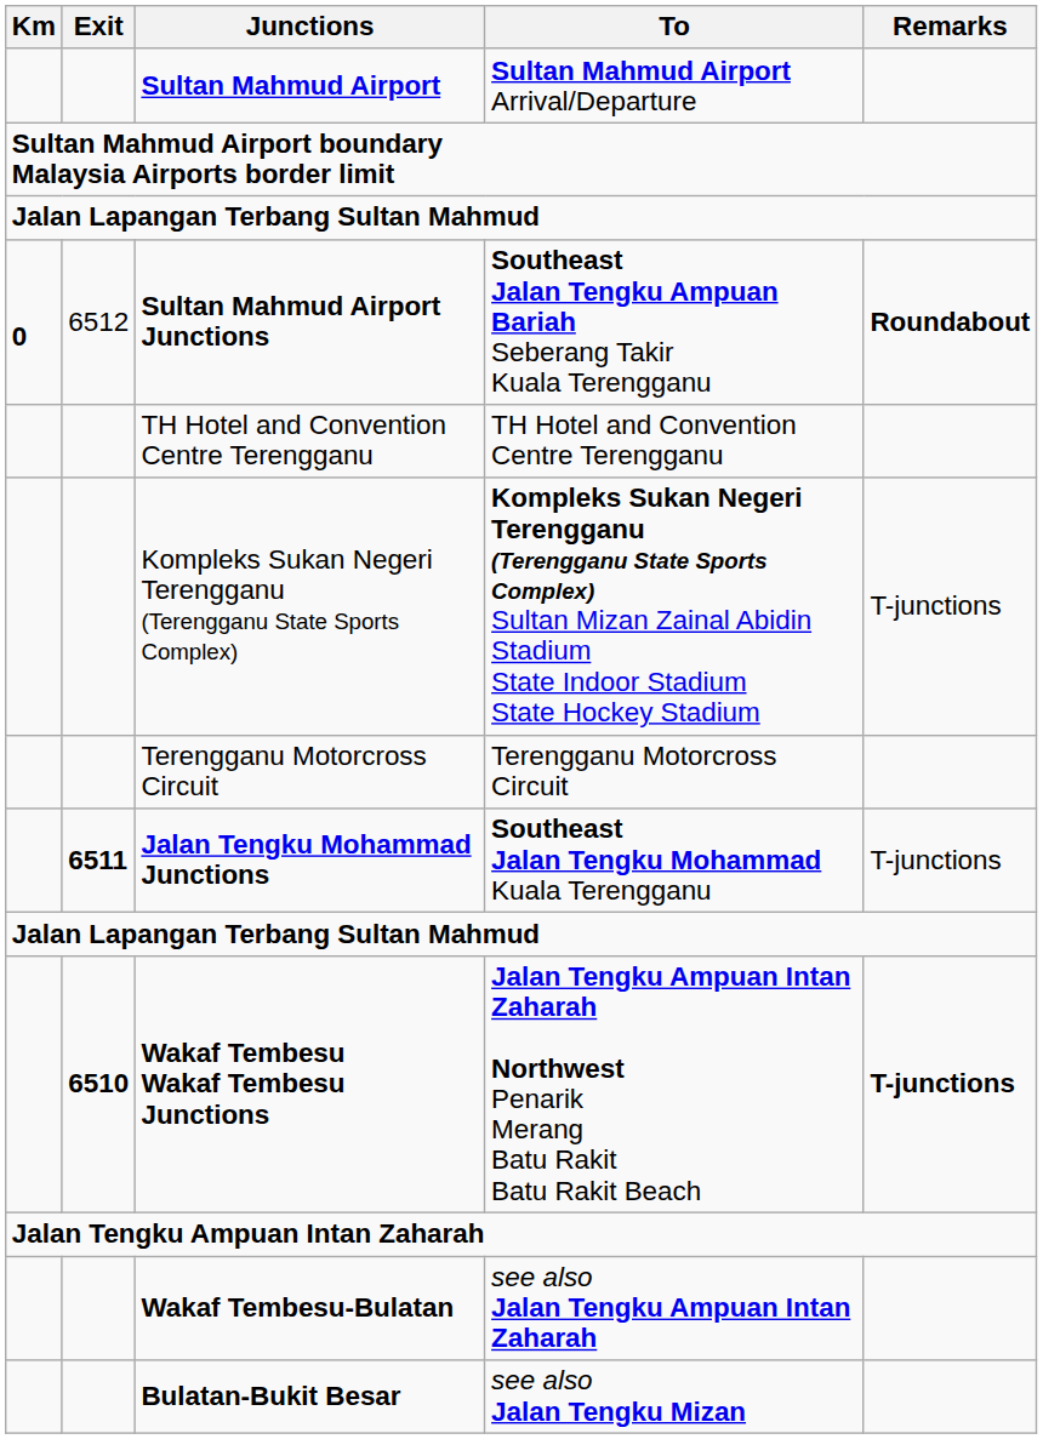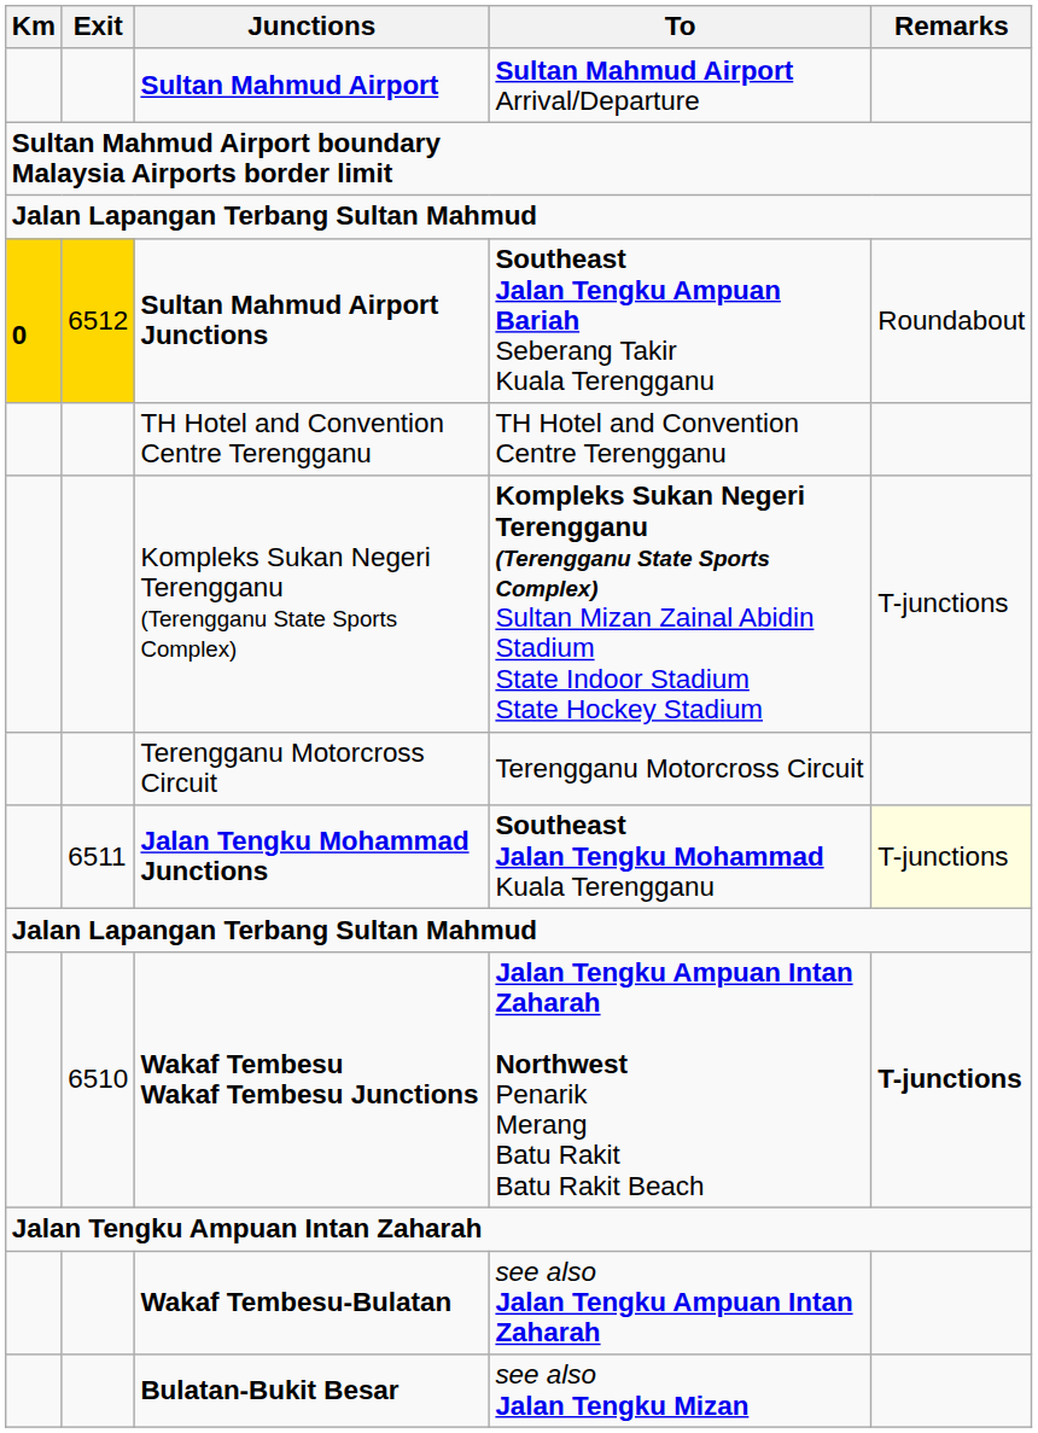 <table class="wikitable">
 <tr>
 <th>Km</th>
 <th>Exit</th>
 <th>Junctions</th>
 <th>To</th>
 <th>Remarks</th>
 </tr>
 <tr>
 <td></td>
 <td></td>
 <td><strong><a href='#'>Sultan Mahmud Airport</a></strong> </td>
 <td><strong><a href='#'>Sultan Mahmud Airport</a></strong> <br>Arrival/Departure<br></td>
 <td></td>
 </tr>
 <tr>
 <td style="width:600px" colspan="6" style="text-align:center; background:yellow;"><strong><span>Sultan Mahmud Airport boundary<br>Malaysia Airports border limit</span></strong></td>
 </tr>
 <tr>
 <td style="width:600px" colspan="6" style="text-align:center; background:blue;"><strong><span> Jalan Lapangan Terbang Sultan Mahmud</span></strong></td>
 </tr>
 <tr>
-<td><br><strong>0</strong></td>
-<td>6512</td>
+<td style="background: gold;"><br><strong>0</strong></td>
+<td style="background: gold;">6512</td>
 <td><strong>Sultan Mahmud Airport Junctions</strong></td>
 <td><strong>Southeast</strong><br> <strong><a href='#'>Jalan Tengku Ampuan Bariah</a></strong><br> Seberang Takir<br> Kuala Terengganu</td>
-<td><strong>Roundabout</strong></td>
+<td>Roundabout</td>
 </tr>
 <tr>
 <td></td>
 <td></td>
 <td>TH Hotel and Convention Centre Terengganu</td>
 <td>TH Hotel and Convention Centre Terengganu</td>
 <td></td>
 </tr>
 <tr>
 <td></td>
 <td></td>
 <td>Kompleks Sukan Negeri Terengganu<br><small>(Terengganu State Sports Complex)</small></td>
 <td><strong>Kompleks Sukan Negeri Terengganu</strong><br><small><strong><em>(Terengganu State Sports Complex)</em></strong></small><br><a href='#'>Sultan Mizan Zainal Abidin Stadium</a><br><a href='#'>State Indoor Stadium</a><br><a href='#'>State Hockey Stadium</a></td>
 <td>T-junctions</td>
 </tr>
 <tr>
 <td></td>
 <td></td>
 <td>Terengganu Motorcross Circuit</td>
 <td>Terengganu Motorcross Circuit</td>
 <td></td>
 </tr>
 <tr>
 <td></td>
-<td><strong>6511</strong></td>
+<td>6511</td>
 <td><strong><a href='#'>Jalan Tengku Mohammad</a> Junctions</strong></td>
 <td><strong>Southeast</strong><br> <strong><a href='#'>Jalan Tengku Mohammad</a></strong><br> Kuala Terengganu</td>
-<td>T-junctions</td>
+<td style="background: lightyellow;">T-junctions</td>
 </tr>
 <tr>
 <td style="width:600px" colspan="6" style="text-align:center; background:blue;"><strong><span> Jalan Lapangan Terbang Sultan Mahmud</span></strong></td>
 </tr>
 <tr>
 <td></td>
-<td><strong>6510</strong></td>
+<td>6510</td>
 <td><strong>Wakaf Tembesu</strong><br><strong>Wakaf Tembesu Junctions</strong></td>
 <td> <strong><a href='#'>Jalan Tengku Ampuan Intan Zaharah</a></strong><br><br><strong>Northwest</strong><br> Penarik<br> Merang<br> Batu Rakit<br> Batu Rakit Beach</td>
 <td><strong>T-junctions</strong></td>
 </tr>
 <tr>
 <td style="width:600px" colspan="6" style="text-align:center; background:blue;"><strong><span>  Jalan Tengku Ampuan Intan Zaharah</span></strong></td>
 </tr>
 <tr>
 <td></td>
 <td></td>
 <td><strong>Wakaf Tembesu-Bulatan</strong></td>
 <td><em>see also</em><br>  <strong><a href='#'>Jalan Tengku Ampuan Intan Zaharah</a></strong></td>
 <td></td>
 </tr>
 <tr>
 <td></td>
 <td></td>
 <td><strong>Bulatan-Bukit Besar</strong></td>
 <td><em>see also</em><br> <strong><a href='#'>Jalan Tengku Mizan</a></strong></td>
 <td></td>
 </tr>
 </table>
